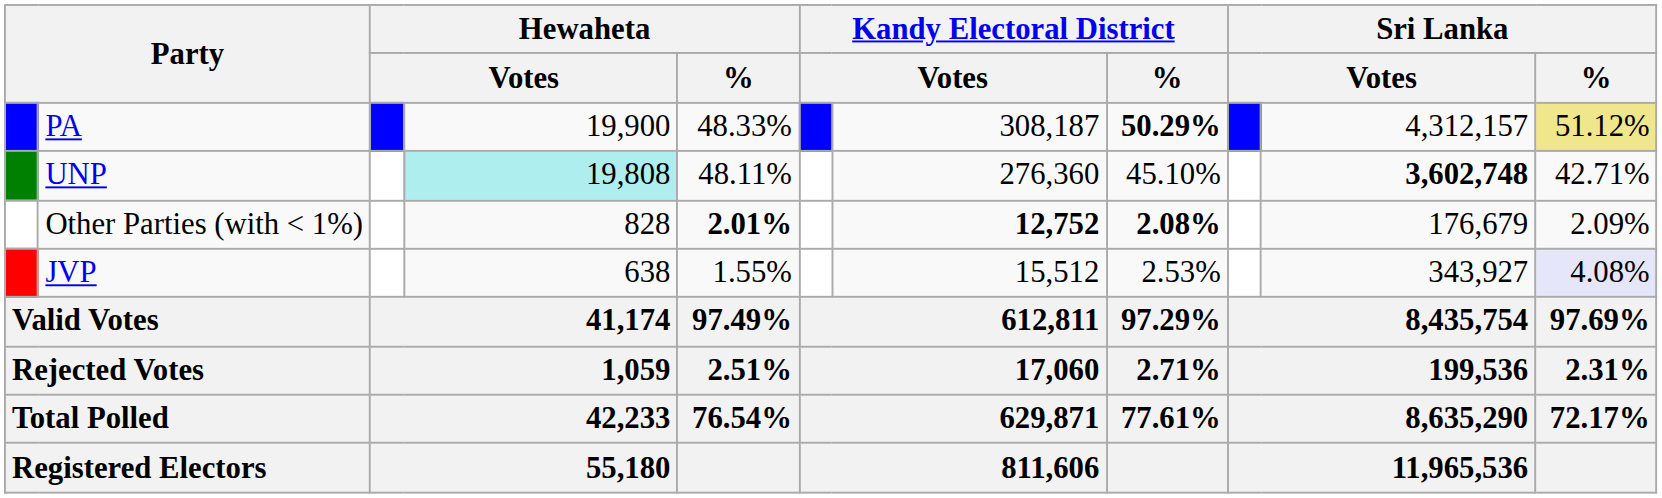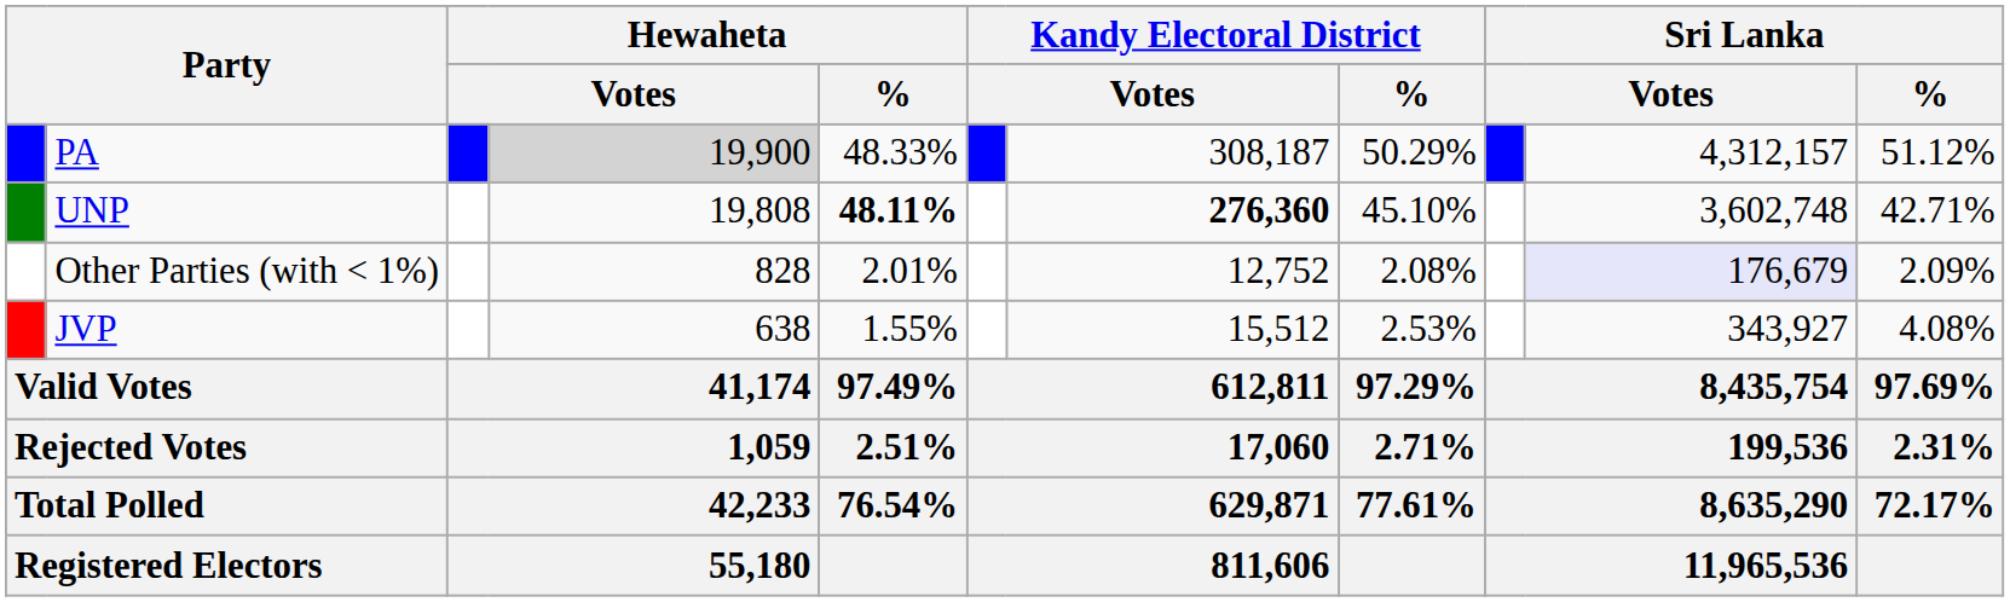 <table class="wikitable">
 <tr>
 <th colspan="2" width="144px"rowspan="2">Party</th>
 <th colspan="3" width="216px">Hewaheta</th>
 <th colspan="3" width="216px"><a href='#'>Kandy Electoral District</a></th>
 <th colspan="3" width="216px">Sri Lanka</th>
 </tr>
 <tr>
 <th colspan="2" width="144px">Votes</th>
 <th>%</th>
 <th colspan="2" width="144px">Votes</th>
 <th>%</th>
 <th colspan="2" width="144px">Votes</th>
 <th>%</th>
 </tr>
 <tr>
 <td style="background-color:blue;" width="10px"></td>
 <td style="text-align:left;"><a href='#'>PA</a></td>
 <td style="background-color:blue;" width="10px"></td>
-<td style="text-align:right;">19,900</td>
+<td style="background: lightgrey; text-align:right;">19,900</td>
 <td style="text-align:right;">48.33%</td>
 <td style="background-color:blue;" width="10px"></td>
 <td style="text-align:right;">308,187</td>
-<td style="text-align:right;"><strong>50.29%</strong></td>
+<td style="text-align:right;">50.29%</td>
 <td style="background-color:blue;" width="10px"></td>
 <td style="text-align:right;">4,312,157</td>
-<td style="background: khaki; text-align:right;">51.12%</td>
+<td style="text-align:right;">51.12%</td>
 </tr>
 <tr>
 <td style="background-color:green;" width="10px"></td>
 <td style="text-align:left;"><a href='#'>UNP</a></td>
 <td style="background-color:white;" width="10px"></td>
-<td style="background: paleturquoise; text-align:right;">19,808</td>
-<td style="text-align:right;">48.11%</td>
+<td style="text-align:right;">19,808</td>
+<td style="text-align:right;"><strong>48.11%</strong></td>
 <td style="background-color:white;" width="10px"></td>
-<td style="text-align:right;">276,360</td>
+<td style="text-align:right;"><strong>276,360</strong></td>
 <td style="text-align:right;">45.10%</td>
 <td style="background-color:white;" width="10px"></td>
-<td style="text-align:right;"><strong>3,602,748</strong></td>
+<td style="text-align:right;">3,602,748</td>
 <td style="text-align:right;">42.71%</td>
 </tr>
 <tr>
 <td style="background-color:white;" width="10px"></td>
 <td style="text-align:left;">Other Parties (with < 1%)</td>
 <td style="background-color:white;" width="10px"></td>
 <td style="text-align:right;">828</td>
-<td style="text-align:right;"><strong>2.01%</strong></td>
+<td style="text-align:right;">2.01%</td>
 <td style="background-color:white;" width="10px"></td>
-<td style="text-align:right;"><strong>12,752</strong></td>
-<td style="text-align:right;"><strong>2.08%</strong></td>
+<td style="text-align:right;">12,752</td>
+<td style="text-align:right;">2.08%</td>
 <td style="background-color:white;" width="10px"></td>
-<td style="text-align:right;">176,679</td>
+<td style="background: lavender; text-align:right;">176,679</td>
 <td style="text-align:right;">2.09%</td>
 </tr>
 <tr>
 <td style="background-color:red;" width="10px"></td>
 <td style="text-align:left;"><a href='#'>JVP</a></td>
 <td style="background-color:white;" width="10px"></td>
 <td style="text-align:right;">638</td>
 <td style="text-align:right;">1.55%</td>
 <td style="background-color:white;" width="10px"></td>
 <td style="text-align:right;">15,512</td>
 <td style="text-align:right;">2.53%</td>
 <td style="background-color:white;" width="10px"></td>
 <td style="text-align:right;">343,927</td>
-<td style="background: lavender; text-align:right;">4.08%</td>
+<td style="text-align:right;">4.08%</td>
 </tr>
 <tr>
 <th colspan="2" width="144px"style="text-align:left;">Valid Votes</th>
 <th style="text-align:right;"colspan="2" width="144px">41,174</th>
 <th style="text-align:right;">97.49%</th>
 <th style="text-align:right;"colspan="2" width="144px">612,811</th>
 <th style="text-align:right;">97.29%</th>
 <th style="text-align:right;"colspan="2" width="144px">8,435,754</th>
 <th style="text-align:right;">97.69%</th>
 </tr>
 <tr>
 <th colspan="2" width="144px"style="text-align:left;">Rejected Votes</th>
 <th style="text-align:right;"colspan="2" width="144px">1,059</th>
 <th style="text-align:right;">2.51%</th>
 <th style="text-align:right;"colspan="2" width="144px">17,060</th>
 <th style="text-align:right;">2.71%</th>
 <th style="text-align:right;"colspan="2" width="144px">199,536</th>
 <th style="text-align:right;">2.31%</th>
 </tr>
 <tr>
 <th colspan="2" width="144px"style="text-align:left;">Total Polled</th>
 <th style="text-align:right;"colspan="2" width="144px">42,233</th>
 <th style="text-align:right;">76.54%</th>
 <th style="text-align:right;"colspan="2" width="144px">629,871</th>
 <th style="text-align:right;">77.61%</th>
 <th style="text-align:right;"colspan="2" width="144px">8,635,290</th>
 <th style="text-align:right;">72.17%</th>
 </tr>
 <tr>
 <th colspan="2" width="144px"style="text-align:left;">Registered Electors</th>
 <th style="text-align:right;"colspan="2" width="144px">55,180</th>
 <th></th>
 <th style="text-align:right;"colspan="2" width="144px">811,606</th>
 <th></th>
 <th style="text-align:right;"colspan="2" width="144px">11,965,536</th>
 <th></th>
 </tr>
 </table>
